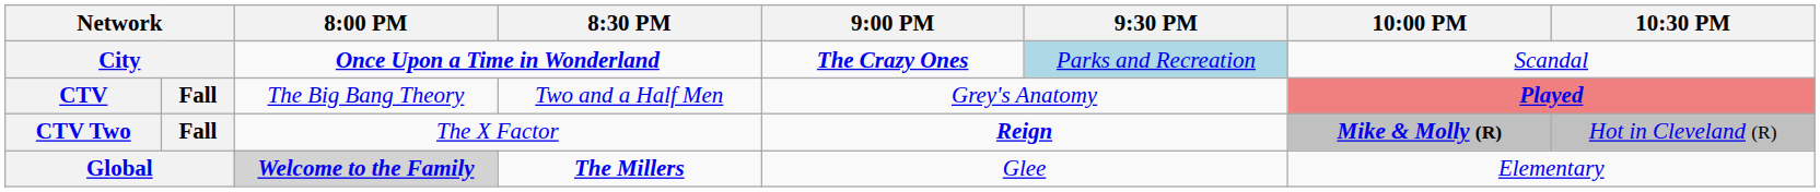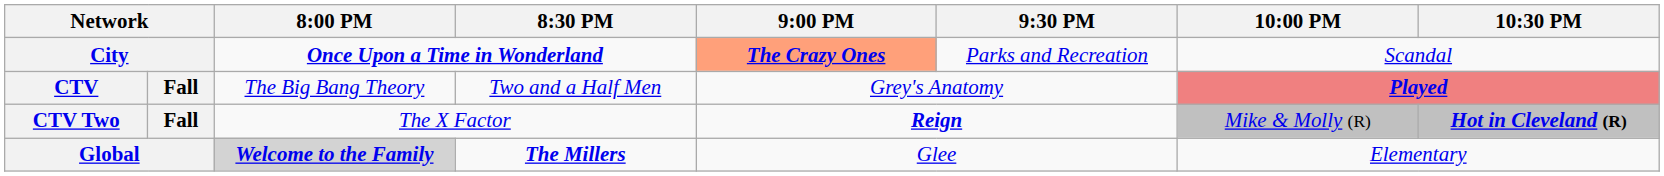 <table class="wikitable" style="width:100%;margin-right:0;text-align:center">
 <tr>
 <th colspan="2" style="width:10%;">Network</th>
 <th style="width:11.5%;">8:00 PM</th>
 <th style="width:11.5%;">8:30 PM</th>
 <th style="width:11.5%;">9:00 PM</th>
 <th style="width:11.5%;">9:30 PM</th>
 <th style="width:11.5%;">10:00 PM</th>
 <th style="width:11.5%;">10:30 PM</th>
 </tr>
 <tr>
 <th colspan="2"><a href='#'>City</a></th>
 <td colspan="2"><strong><em><a href='#'>Once Upon a Time in Wonderland</a></em></strong></td>
-<td><strong><em><a href='#'>The Crazy Ones</a></em></strong></td>
-<td style="background: lightblue;"><em><a href='#'>Parks and Recreation</a></em></td>
+<td style="background: lightsalmon;"><strong><em><a href='#'>The Crazy Ones</a></em></strong></td>
+<td><em><a href='#'>Parks and Recreation</a></em></td>
 <td colspan="2"><em><a href='#'>Scandal</a></em></td>
 </tr>
 <tr>
 <th colspan="1"><a href='#'>CTV</a></th>
 <th>Fall</th>
 <td><em><a href='#'>The Big Bang Theory</a></em></td>
 <td><em><a href='#'>Two and a Half Men</a></em></td>
 <td colspan="2"><em><a href='#'>Grey's Anatomy</a></em></td>
 <td colspan="2" style="background:#f08080;"><strong><em><a href='#'>Played</a></em></strong></td>
 </tr>
 <tr>
 <th colspan="1"><a href='#'>CTV Two</a></th>
 <th>Fall</th>
 <td colspan="2"><em><a href='#'>The X Factor</a></em></td>
 <td colspan="2"><strong><em><a href='#'>Reign</a></em></strong></td>
-<td style="background:silver;"><strong><em><a href='#'>Mike & Molly</a></em> <small>(R)</small></strong></td>
-<td style="background:silver;"><em><a href='#'>Hot in Cleveland</a></em> <small>(R)</small></td>
+<td style="background:silver;"><em><a href='#'>Mike & Molly</a></em> <small>(R)</small></td>
+<td style="background:silver;"><strong><em><a href='#'>Hot in Cleveland</a></em> <small>(R)</small></strong></td>
 </tr>
 <tr>
 <th colspan="2"><a href='#'>Global</a></th>
 <td style="background: lightgrey;"><strong><em><a href='#'>Welcome to the Family</a></em></strong></td>
 <td><strong><em><a href='#'>The Millers</a></em></strong></td>
 <td colspan="2"><em><a href='#'>Glee</a></em></td>
 <td colspan="2"><em><a href='#'>Elementary</a></em></td>
 </tr>
 </table>
